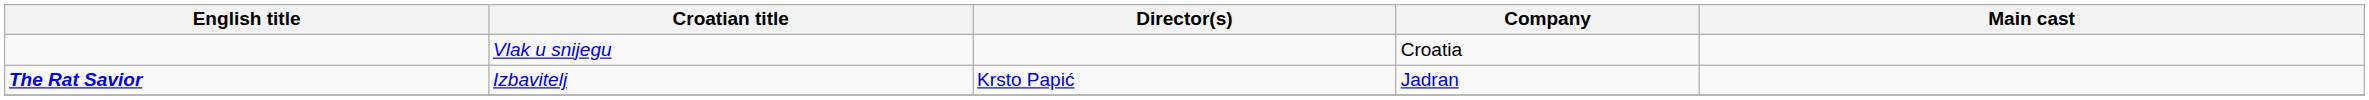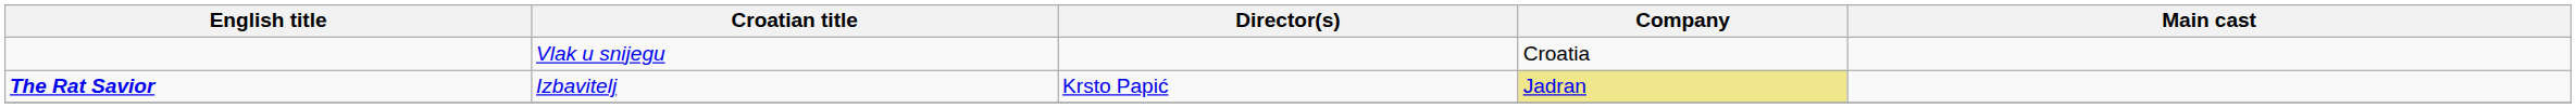 <table class="wikitable" width= "100%">
 <tr>
 <th width=16%>English title</th>
 <th width=16%>Croatian title</th>
 <th width=14%>Director(s)</th>
 <th width=10%>Company</th>
 <th width=22%>Main cast</th>
 </tr>
 <tr>
 <td><strong><em> </em></strong></td>
 <td><em><a href='#'>Vlak u snijegu</a></em></td>
 <td></td>
 <td>Croatia</td>
 <td></td>
 </tr>
 <tr>
 <td><strong><em><a href='#'>The Rat Savior</a></em></strong></td>
 <td><em><a href='#'>Izbavitelj</a></em></td>
 <td><a href='#'>Krsto Papić</a></td>
-<td><a href='#'>Jadran</a></td>
+<td style="background: khaki;"><a href='#'>Jadran</a></td>
 <td></td>
 </tr>
 <tr>
 </tr>
 </table>
